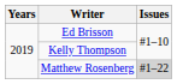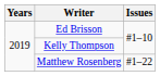 <table class="wikitable">
 <tr>
 <th>Years</th>
 <th>Writer</th>
 <th>Issues</th>
 </tr>
 <tr>
 <td align="center" rowspan="3">2019</td>
 <td align="center"><a href='#'>Ed Brisson</a></td>
 <td align="center" rowspan="2">#1–10</td>
 </tr>
 <tr>
 <td align="center"><a href='#'>Kelly Thompson</a></td>
 </tr>
 <tr>
 <td align="center"><a href='#'>Matthew Rosenberg</a></td>
-<td align="center" style="background: lightgrey;">#1–22</td>
+<td align="center">#1–22</td>
 </tr>
 </table>
